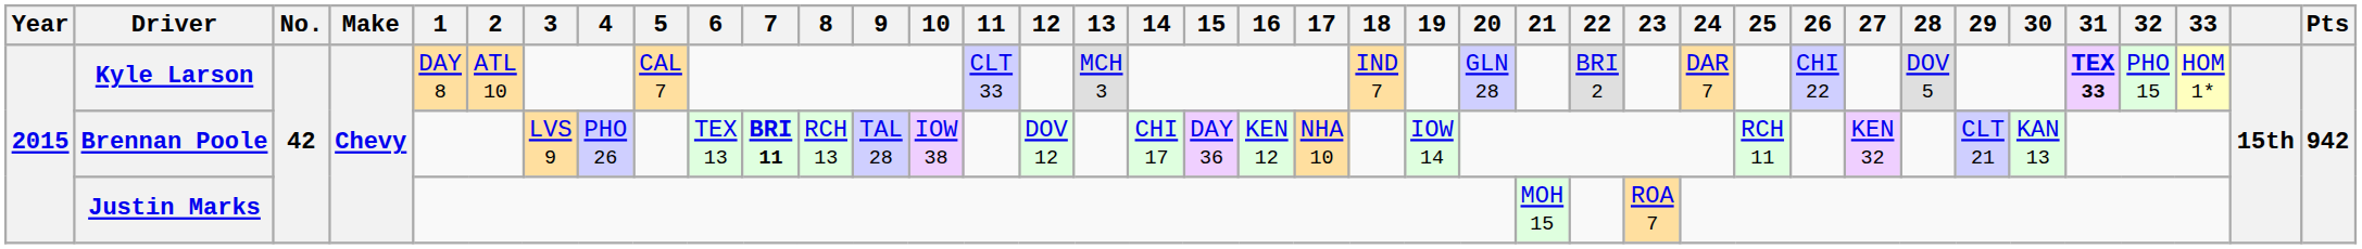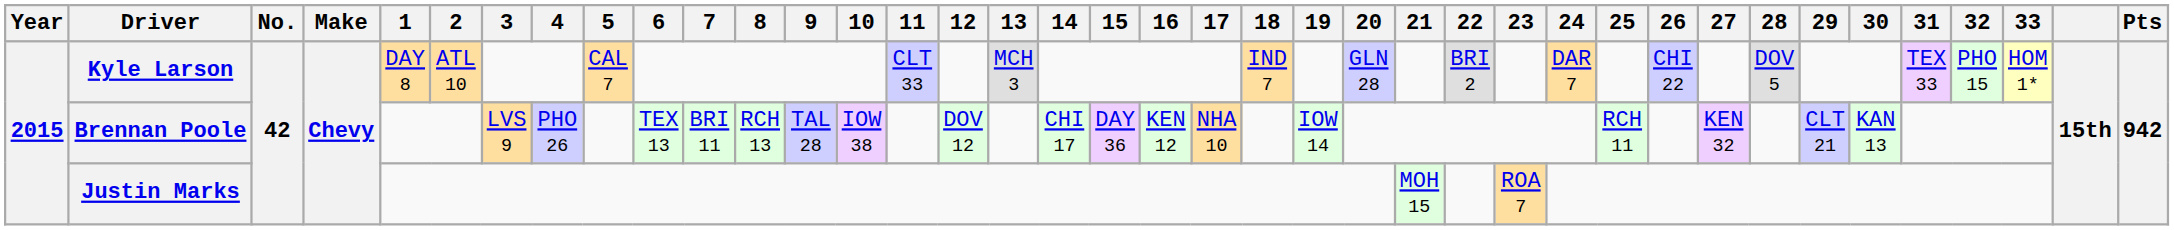 <table class="wikitable" style="text-align:center; font-size:75%">
 <tr>
 <th>Year</th>
 <th>Driver</th>
 <th>No.</th>
 <th>Make</th>
 <th>1</th>
 <th>2</th>
 <th>3</th>
 <th>4</th>
 <th>5</th>
 <th>6</th>
 <th>7</th>
 <th>8</th>
 <th>9</th>
 <th>10</th>
 <th>11</th>
 <th>12</th>
 <th>13</th>
 <th>14</th>
 <th>15</th>
 <th>16</th>
 <th>17</th>
 <th>18</th>
 <th>19</th>
 <th>20</th>
 <th>21</th>
 <th>22</th>
 <th>23</th>
 <th>24</th>
 <th>25</th>
 <th>26</th>
 <th>27</th>
 <th>28</th>
 <th>29</th>
 <th>30</th>
 <th>31</th>
 <th>32</th>
 <th>33</th>
 <th></th>
 <th>Pts</th>
 </tr>
 <tr>
 <th rowspan=3><a href='#'>2015</a></th>
 <th><a href='#'>Kyle Larson</a></th>
 <th rowspan=3>42</th>
 <th rowspan=3><a href='#'>Chevy</a></th>
 <td style="background:#FFDF9F;"><a href='#'>DAY</a><br><small>8</small></td>
 <td style="background:#FFDF9F;"><a href='#'>ATL</a><br><small>10</small></td>
 <td colspan=2></td>
 <td style="background:#FFDF9F;"><a href='#'>CAL</a><br><small>7</small></td>
 <td colspan=5></td>
 <td style="background:#CFCFFF;"><a href='#'>CLT</a><br><small>33</small></td>
 <td></td>
 <td style="background:#DFDFDF;"><a href='#'>MCH</a><br><small>3</small></td>
 <td colspan=4></td>
 <td style="background:#FFDF9F;"><a href='#'>IND</a><br><small>7</small></td>
 <td></td>
 <td style="background:#CFCFFF;"><a href='#'>GLN</a><br><small>28</small></td>
 <td></td>
 <td style="background:#DFDFDF;"><a href='#'>BRI</a><br><small>2</small></td>
 <td></td>
 <td style="background:#FFDF9F;"><a href='#'>DAR</a><br><small>7</small></td>
 <td></td>
 <td style="background:#CFCFFF;"><a href='#'>CHI</a><br><small>22</small></td>
 <td></td>
 <td style="background:#DFDFDF;"><a href='#'>DOV</a><br><small>5</small></td>
 <td colspan=2></td>
-<td style="background:#EFCFFF;"><strong><a href='#'>TEX</a><br><small>33</small></strong></td>
+<td style="background:#EFCFFF;"><a href='#'>TEX</a><br><small>33</small></td>
 <td style="background:#DFFFDF;"><a href='#'>PHO</a><br><small>15</small></td>
 <td style="background:#FFFFBF;"><a href='#'>HOM</a><br><small>1*</small></td>
 <th rowspan=3>15th</th>
 <th rowspan=3>942</th>
 </tr>
 <tr>
 <th><a href='#'>Brennan Poole</a></th>
 <td colspan=2></td>
 <td style="background:#FFDF9F;"><a href='#'>LVS</a><br><small>9</small></td>
 <td style="background:#CFCFFF;"><a href='#'>PHO</a><br><small>26</small></td>
 <td></td>
 <td style="background:#DFFFDF;"><a href='#'>TEX</a><br><small>13</small></td>
-<td style="background:#DFFFDF;"><strong><a href='#'>BRI</a><br><small>11</small></strong></td>
+<td style="background:#DFFFDF;"><a href='#'>BRI</a><br><small>11</small></td>
 <td style="background:#DFFFDF;"><a href='#'>RCH</a><br><small>13</small></td>
 <td style="background:#CFCFFF;"><a href='#'>TAL</a><br><small>28</small></td>
 <td style="background:#EFCFFF;"><a href='#'>IOW</a><br><small>38</small></td>
 <td></td>
 <td style="background:#DFFFDF;"><a href='#'>DOV</a><br><small>12</small></td>
 <td></td>
 <td style="background:#DFFFDF;"><a href='#'>CHI</a><br><small>17</small></td>
 <td style="background:#EFCFFF;"><a href='#'>DAY</a><br><small>36</small></td>
 <td style="background:#DFFFDF;"><a href='#'>KEN</a><br><small>12</small></td>
 <td style="background:#FFDF9F;"><a href='#'>NHA</a><br><small>10</small></td>
 <td></td>
 <td style="background:#DFFFDF;"><a href='#'>IOW</a><br><small>14</small></td>
 <td colspan=5></td>
 <td style="background:#DFFFDF;"><a href='#'>RCH</a><br><small>11</small></td>
 <td></td>
 <td style="background:#EFCFFF;"><a href='#'>KEN</a><br><small>32</small></td>
 <td></td>
 <td style="background:#CFCFFF;"><a href='#'>CLT</a><br><small>21</small></td>
 <td style="background:#DFFFDF;"><a href='#'>KAN</a><br><small>13</small></td>
 <td colspan=3></td>
 </tr>
 <tr>
 <th><a href='#'>Justin Marks</a></th>
 <td colspan=20></td>
 <td style="background:#DFFFDF;"><a href='#'>MOH</a><br><small>15</small></td>
 <td></td>
 <td style="background:#FFDF9F;"><a href='#'>ROA</a><br><small>7</small></td>
 <td colspan=10></td>
 </tr>
 </table>
